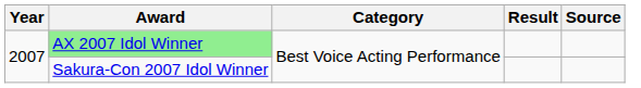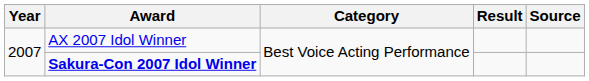 <table class="wikitable">
 <tr>
 <th>Year</th>
 <th>Award</th>
 <th>Category</th>
 <th>Result</th>
 <th>Source</th>
 </tr>
 <tr>
 <td rowspan="2">2007</td>
-<td style="background: lightgreen;"><a href='#'>AX 2007 Idol Winner</a></td>
+<td><a href='#'>AX 2007 Idol Winner</a></td>
 <td rowspan="2">Best Voice Acting Performance</td>
 <td></td>
 <td></td>
 </tr>
 <tr>
-<td><a href='#'>Sakura-Con 2007 Idol Winner</a></td>
+<td><strong><a href='#'>Sakura-Con 2007 Idol Winner</a></strong></td>
 <td></td>
 <td></td>
 </tr>
 </table>
